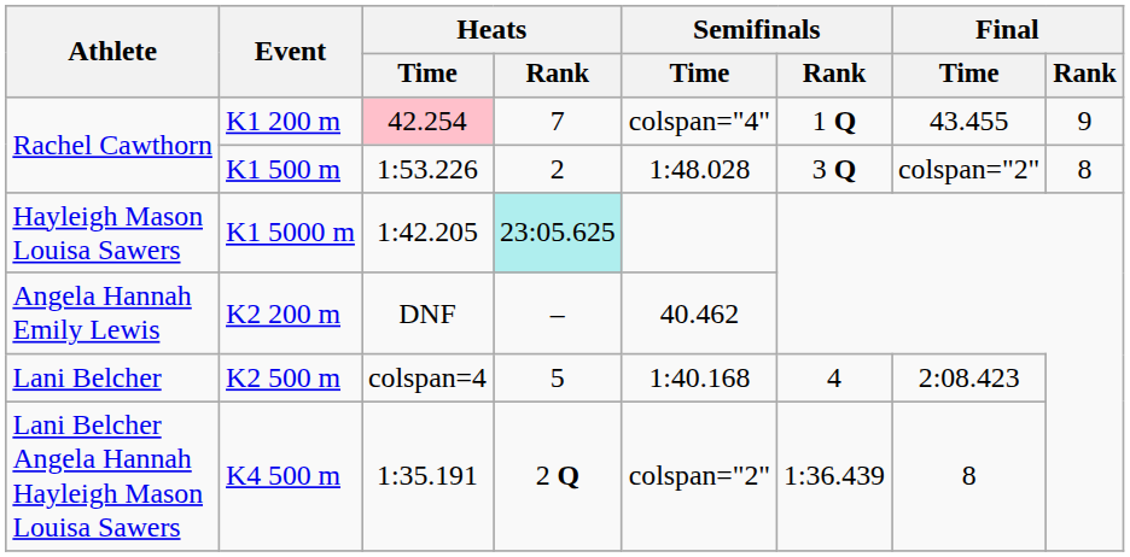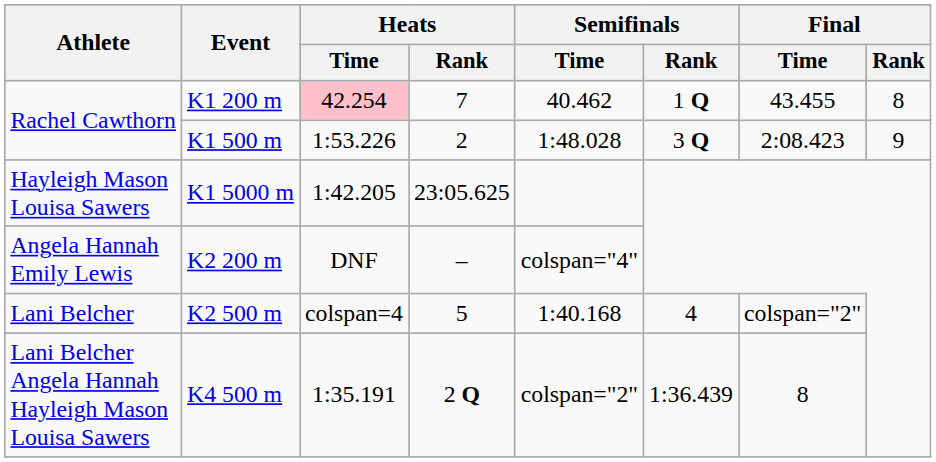 <table class="wikitable" style="font-size:90%">
 <tr>
 <th rowspan=2>Athlete</th>
 <th rowspan=2>Event</th>
 <th colspan=2>Heats</th>
 <th colspan=2>Semifinals</th>
 <th colspan=2>Final</th>
 </tr>
 <tr style="font-size:95%">
 <th>Time</th>
 <th>Rank</th>
 <th>Time</th>
 <th>Rank</th>
 <th>Time</th>
 <th>Rank</th>
 </tr>
 <tr align=center>
 <td style="text-align:left;" rowspan="2"><a href='#'>Rachel Cawthorn</a></td>
 <td align=left><a href='#'>K1 200 m</a></td>
 <td style="background: pink;">42.254</td>
 <td>7</td>
-<td>colspan="4" </td>
+<td>40.462</td>
 <td>1 <strong>Q</strong></td>
 <td>43.455</td>
-<td>9</td>
+<td>8</td>
 </tr>
 <tr align=center>
 <td align=left><a href='#'>K1 500 m</a></td>
 <td>1:53.226</td>
 <td>2</td>
 <td>1:48.028</td>
 <td>3 <strong>Q</strong></td>
-<td>colspan="2" </td>
-<td>8</td>
+<td>2:08.423</td>
+<td>9</td>
 </tr>
 <tr align=center>
 <td align=left><a href='#'>Hayleigh Mason</a><br><a href='#'>Louisa Sawers</a></td>
 <td align=left><a href='#'>K1 5000 m</a></td>
 <td>1:42.205</td>
-<td style="background: paleturquoise;">23:05.625</td>
+<td>23:05.625</td>
 <td></td>
 </tr>
 <tr align=center>
 <td align=left><a href='#'>Angela Hannah</a><br><a href='#'>Emily Lewis</a></td>
 <td align=left><a href='#'>K2 200 m</a></td>
 <td>DNF</td>
 <td>–</td>
-<td>40.462</td>
+<td>colspan="4" </td>
 </tr>
 <tr align=center>
 <td align=left><a href='#'>Lani Belcher</a></td>
 <td align=left><a href='#'>K2 500 m</a></td>
 <td>colspan=4 </td>
 <td>5</td>
 <td>1:40.168</td>
 <td>4</td>
-<td>2:08.423</td>
+<td>colspan="2" </td>
 </tr>
 <tr align=center>
 <td align=left><a href='#'>Lani Belcher</a><br><a href='#'>Angela Hannah</a><br><a href='#'>Hayleigh Mason</a><br><a href='#'>Louisa Sawers</a></td>
 <td align=left><a href='#'>K4 500 m</a></td>
 <td>1:35.191</td>
 <td>2 <strong>Q</strong></td>
 <td>colspan="2" </td>
 <td>1:36.439</td>
 <td>8</td>
 </tr>
 </table>
